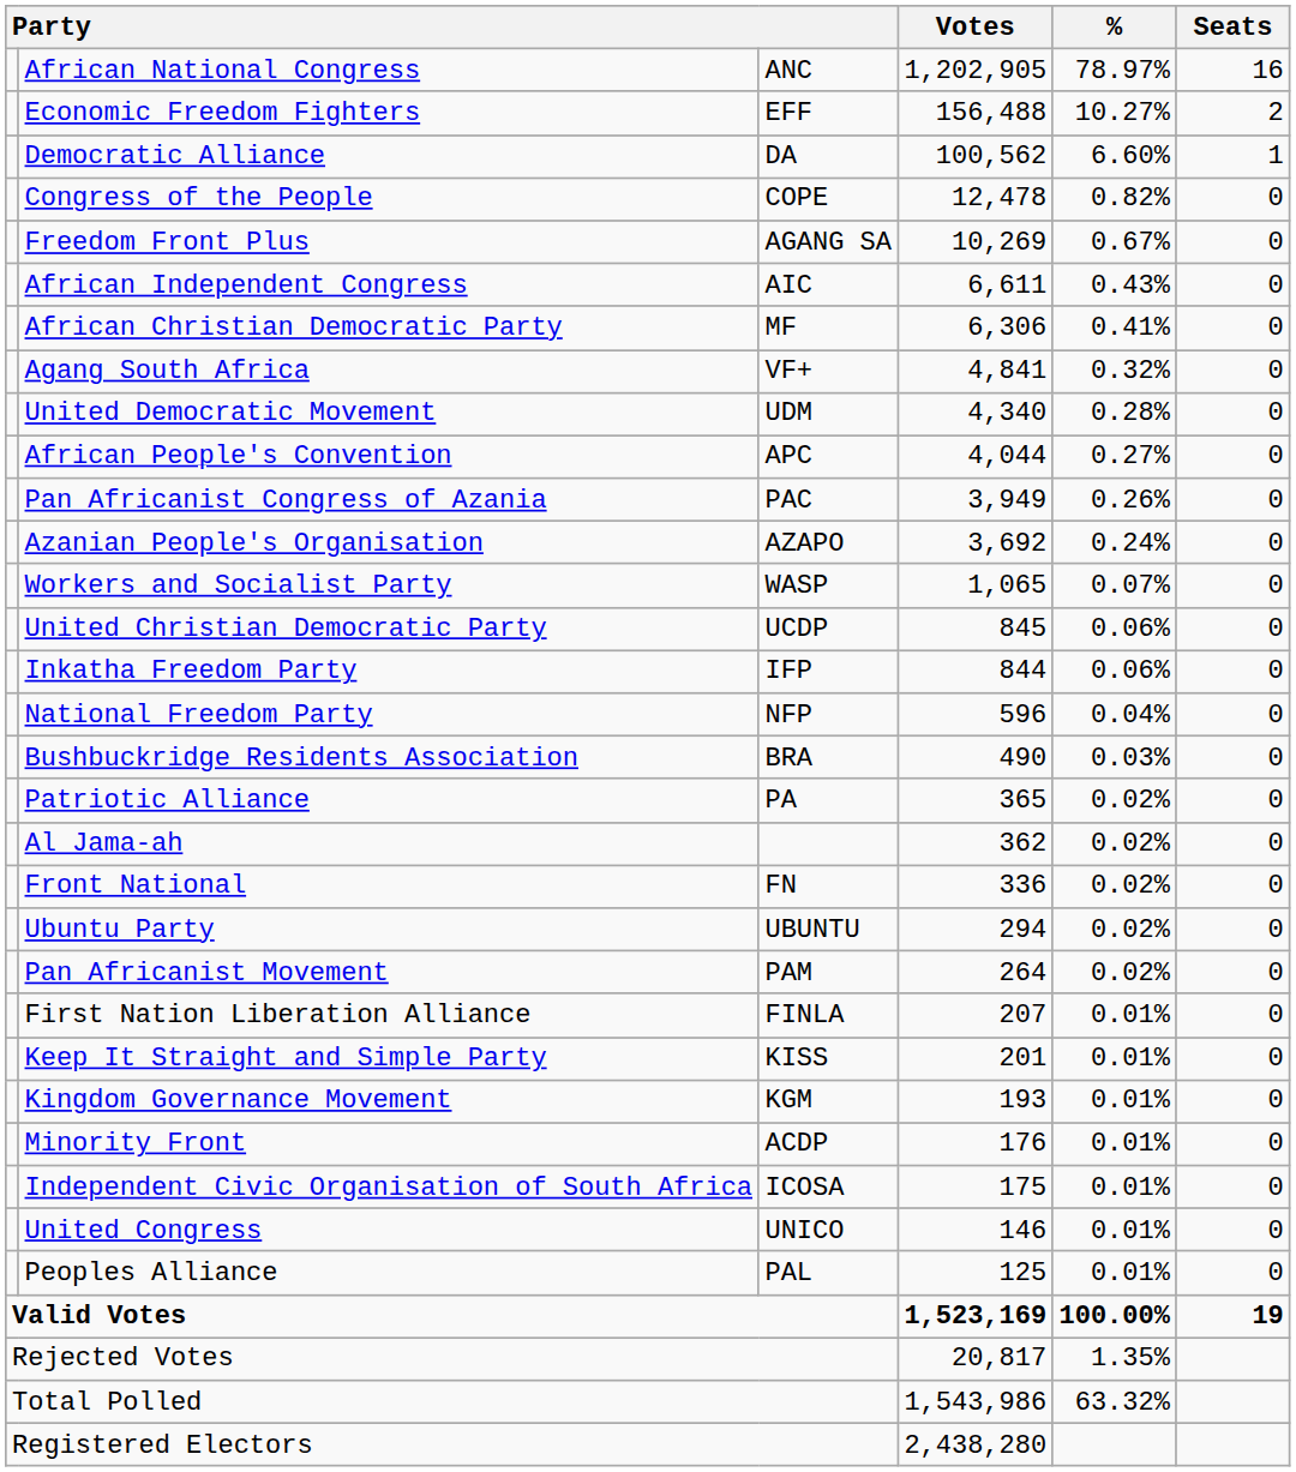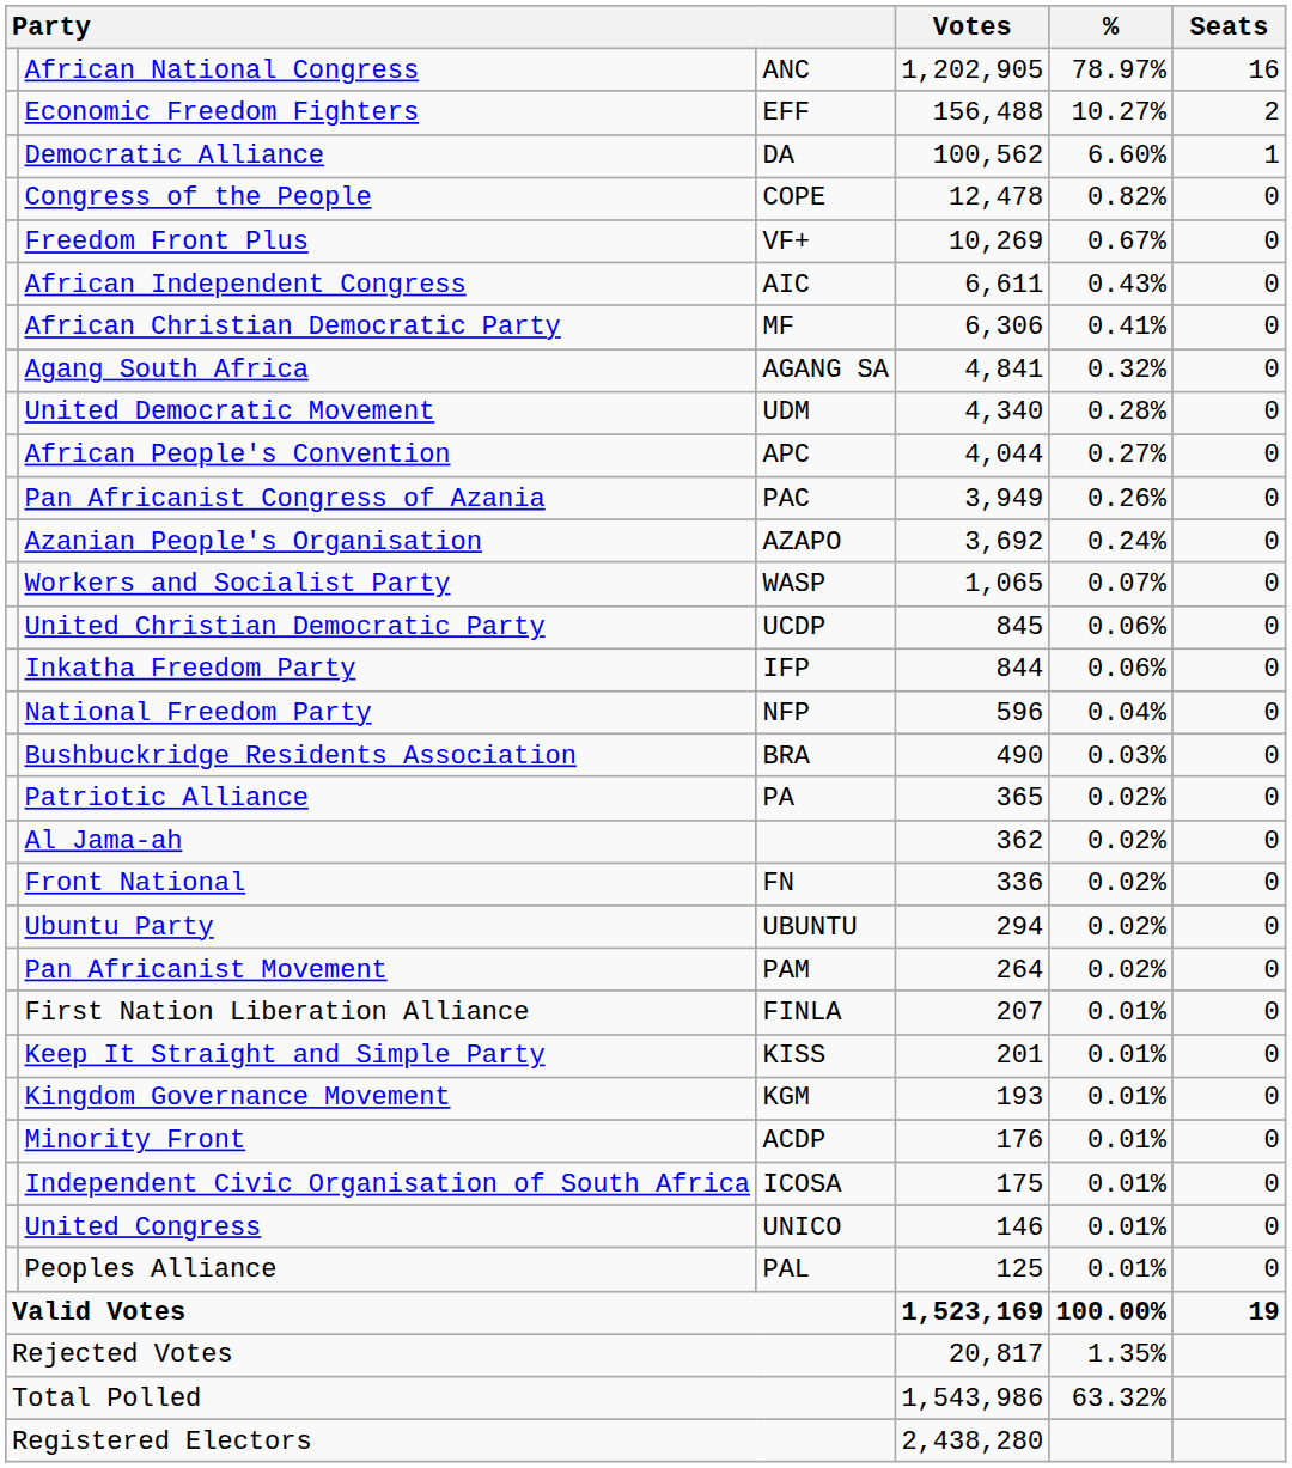 <table class="wikitable" border="1" style="text-align:right;">
 <tr>
 <th style="text-align:left;" colspan=3>Party</th>
 <th align=center width="50">Votes</th>
 <th align=center width="50">%</th>
 <th align=center width="50">Seats</th>
 </tr>
 <tr>
 <td style="background:"></td>
 <td align=left><a href='#'>African National Congress</a></td>
 <td align=left>ANC</td>
 <td>1,202,905</td>
 <td>78.97%</td>
 <td>16</td>
 </tr>
 <tr>
 <td style="background:"></td>
 <td align=left><a href='#'>Economic Freedom Fighters</a></td>
 <td align=left>EFF</td>
 <td>156,488</td>
 <td>10.27%</td>
 <td>2</td>
 </tr>
 <tr>
 <td style="background:"></td>
 <td align=left><a href='#'>Democratic Alliance</a></td>
 <td align=left>DA</td>
 <td>100,562</td>
 <td>6.60%</td>
 <td>1</td>
 </tr>
 <tr>
 <td style="background:"></td>
 <td align=left><a href='#'>Congress of the People</a></td>
 <td align=left>COPE</td>
 <td>12,478</td>
 <td>0.82%</td>
 <td>0</td>
 </tr>
 <tr>
 <td style="background:"></td>
 <td align=left><a href='#'>Freedom Front Plus</a></td>
-<td align=left>AGANG SA</td>
+<td align=left>VF+</td>
 <td>10,269</td>
 <td>0.67%</td>
 <td>0</td>
 </tr>
 <tr>
 <td style="background:"></td>
 <td align=left><a href='#'>African Independent Congress</a></td>
 <td align=left>AIC</td>
 <td>6,611</td>
 <td>0.43%</td>
 <td>0</td>
 </tr>
 <tr>
 <td style="background:"></td>
 <td align=left><a href='#'>African Christian Democratic Party</a></td>
 <td align=left>MF</td>
 <td>6,306</td>
 <td>0.41%</td>
 <td>0</td>
 </tr>
 <tr>
 <td style="background:"></td>
 <td align=left><a href='#'>Agang South Africa</a></td>
-<td align=left>VF+</td>
+<td align=left>AGANG SA</td>
 <td>4,841</td>
 <td>0.32%</td>
 <td>0</td>
 </tr>
 <tr>
 <td style="background:"></td>
 <td align=left><a href='#'>United Democratic Movement</a></td>
 <td align=left>UDM</td>
 <td>4,340</td>
 <td>0.28%</td>
 <td>0</td>
 </tr>
 <tr>
 <td style="background:"></td>
 <td align=left><a href='#'>African People's Convention</a></td>
 <td align=left>APC</td>
 <td>4,044</td>
 <td>0.27%</td>
 <td>0</td>
 </tr>
 <tr>
 <td style="background:"></td>
 <td align=left><a href='#'>Pan Africanist Congress of Azania</a></td>
 <td align=left>PAC</td>
 <td>3,949</td>
 <td>0.26%</td>
 <td>0</td>
 </tr>
 <tr>
 <td style="background:"></td>
 <td align=left><a href='#'>Azanian People's Organisation</a></td>
 <td align=left>AZAPO</td>
 <td>3,692</td>
 <td>0.24%</td>
 <td>0</td>
 </tr>
 <tr>
 <td style="background:"></td>
 <td align=left><a href='#'>Workers and Socialist Party</a></td>
 <td align=left>WASP</td>
 <td>1,065</td>
 <td>0.07%</td>
 <td>0</td>
 </tr>
 <tr>
 <td style="background:"></td>
 <td align=left><a href='#'>United Christian Democratic Party</a></td>
 <td align=left>UCDP</td>
 <td>845</td>
 <td>0.06%</td>
 <td>0</td>
 </tr>
 <tr>
 <td style="background:"></td>
 <td align=left><a href='#'>Inkatha Freedom Party</a></td>
 <td align=left>IFP</td>
 <td>844</td>
 <td>0.06%</td>
 <td>0</td>
 </tr>
 <tr>
 <td style="background:"></td>
 <td align=left><a href='#'>National Freedom Party</a></td>
 <td align=left>NFP</td>
 <td>596</td>
 <td>0.04%</td>
 <td>0</td>
 </tr>
 <tr>
 <td style="background:"></td>
 <td align=left><a href='#'>Bushbuckridge Residents Association</a></td>
 <td align=left>BRA</td>
 <td>490</td>
 <td>0.03%</td>
 <td>0</td>
 </tr>
 <tr>
 <td style="background:"></td>
 <td align=left><a href='#'>Patriotic Alliance</a></td>
 <td align=left>PA</td>
 <td>365</td>
 <td>0.02%</td>
 <td>0</td>
 </tr>
 <tr>
 <td style="background:"></td>
 <td align=left><a href='#'>Al Jama-ah</a></td>
 <td align=left></td>
 <td>362</td>
 <td>0.02%</td>
 <td>0</td>
 </tr>
 <tr>
 <td style="background:"></td>
 <td align=left><a href='#'>Front National</a></td>
 <td align=left>FN</td>
 <td>336</td>
 <td>0.02%</td>
 <td>0</td>
 </tr>
 <tr>
 <td style="background:"></td>
 <td align=left><a href='#'>Ubuntu Party</a></td>
 <td align=left>UBUNTU</td>
 <td>294</td>
 <td>0.02%</td>
 <td>0</td>
 </tr>
 <tr>
 <td style="background:"></td>
 <td align=left><a href='#'>Pan Africanist Movement</a></td>
 <td align=left>PAM</td>
 <td>264</td>
 <td>0.02%</td>
 <td>0</td>
 </tr>
 <tr>
 <td></td>
 <td align=left>First Nation Liberation Alliance</td>
 <td align=left>FINLA</td>
 <td>207</td>
 <td>0.01%</td>
 <td>0</td>
 </tr>
 <tr>
 <td style="background:"></td>
 <td align=left><a href='#'>Keep It Straight and Simple Party</a></td>
 <td align=left>KISS</td>
 <td>201</td>
 <td>0.01%</td>
 <td>0</td>
 </tr>
 <tr>
 <td></td>
 <td align=left><a href='#'>Kingdom Governance Movement</a></td>
 <td align=left>KGM</td>
 <td>193</td>
 <td>0.01%</td>
 <td>0</td>
 </tr>
 <tr>
 <td style="background:"></td>
 <td align=left><a href='#'>Minority Front</a></td>
 <td align=left>ACDP</td>
 <td>176</td>
 <td>0.01%</td>
 <td>0</td>
 </tr>
 <tr>
 <td style="background:"></td>
 <td align=left><a href='#'>Independent Civic Organisation of South Africa</a></td>
 <td align=left>ICOSA</td>
 <td>175</td>
 <td>0.01%</td>
 <td>0</td>
 </tr>
 <tr>
 <td style="background:"></td>
 <td align=left><a href='#'>United Congress</a></td>
 <td align=left>UNICO</td>
 <td>146</td>
 <td>0.01%</td>
 <td>0</td>
 </tr>
 <tr>
 <td></td>
 <td align=left>Peoples Alliance</td>
 <td align=left>PAL</td>
 <td>125</td>
 <td>0.01%</td>
 <td>0</td>
 </tr>
 <tr style="font-weight:bold">
 <td align=left colspan=3>Valid Votes</td>
 <td>1,523,169</td>
 <td>100.00%</td>
 <td>19</td>
 </tr>
 <tr>
 <td align=left colspan=3>Rejected Votes</td>
 <td>20,817</td>
 <td>1.35%</td>
 <td></td>
 </tr>
 <tr>
 <td align=left colspan=3>Total Polled</td>
 <td>1,543,986</td>
 <td>63.32%</td>
 <td></td>
 </tr>
 <tr>
 <td align=left colspan=3>Registered Electors</td>
 <td>2,438,280</td>
 <td></td>
 <td></td>
 </tr>
 </table>
